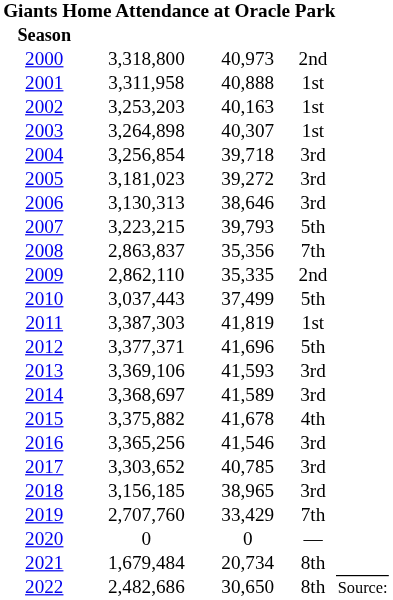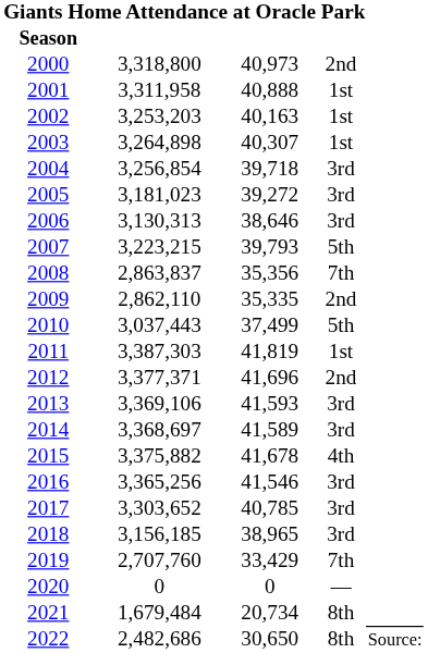 <table class="toccolours" cellpadding="1" cellspacing="0" style="float: right; clear: both; margin: 0 0 1em 1em; text-align:right;">
 <tr>
 <th colspan="4">Giants Home Attendance at Oracle Park</th>
 </tr>
 <tr style="font-size:95%; text-align:center">
 <th>Season</th>
 <th></th>
 <th></th>
 <th></th>
 </tr>
 <tr style="text-align:center">
 <td><a href='#'>2000</a></td>
 <td>3,318,800</td>
 <td>40,973</td>
 <td>2nd</td>
 </tr>
 <tr style="text-align:center">
 <td><a href='#'>2001</a></td>
 <td>3,311,958</td>
 <td>40,888</td>
 <td>1st</td>
 </tr>
 <tr style="text-align:center">
 <td><a href='#'>2002</a></td>
 <td>3,253,203</td>
 <td>40,163</td>
 <td>1st</td>
 </tr>
 <tr style="text-align:center">
 <td><a href='#'>2003</a></td>
 <td>3,264,898</td>
 <td>40,307</td>
 <td>1st</td>
 </tr>
 <tr style="text-align:center">
 <td><a href='#'>2004</a></td>
 <td>3,256,854</td>
 <td>39,718</td>
 <td>3rd</td>
 </tr>
 <tr style="text-align:center">
 <td><a href='#'>2005</a></td>
 <td>3,181,023</td>
 <td>39,272</td>
 <td>3rd</td>
 </tr>
 <tr style="text-align:center">
 <td><a href='#'>2006</a></td>
 <td>3,130,313</td>
 <td>38,646</td>
 <td>3rd</td>
 </tr>
 <tr style="text-align:center">
 <td><a href='#'>2007</a></td>
 <td>3,223,215</td>
 <td>39,793</td>
 <td>5th</td>
 </tr>
 <tr style="text-align:center">
 <td><a href='#'>2008</a></td>
 <td>2,863,837</td>
 <td>35,356</td>
 <td>7th</td>
 </tr>
 <tr style="text-align:center">
 <td><a href='#'>2009</a></td>
 <td>2,862,110</td>
 <td>35,335</td>
 <td>2nd</td>
 </tr>
 <tr style="text-align:center">
 <td><a href='#'>2010</a></td>
 <td>3,037,443</td>
 <td>37,499</td>
 <td>5th</td>
 </tr>
 <tr style="text-align:center">
 <td><a href='#'>2011</a></td>
 <td>3,387,303</td>
 <td>41,819</td>
 <td>1st</td>
 </tr>
 <tr style="text-align:center">
 <td><a href='#'>2012</a></td>
 <td>3,377,371</td>
 <td>41,696</td>
-<td>5th</td>
+<td>2nd</td>
 </tr>
 <tr style="text-align:center">
 <td><a href='#'>2013</a></td>
 <td>3,369,106</td>
 <td>41,593</td>
 <td>3rd</td>
 </tr>
 <tr style="text-align:center">
 <td><a href='#'>2014</a></td>
 <td>3,368,697</td>
 <td>41,589</td>
 <td>3rd</td>
 </tr>
 <tr style="text-align:center">
 <td><a href='#'>2015</a></td>
 <td>3,375,882</td>
 <td>41,678</td>
 <td>4th</td>
 </tr>
 <tr style="text-align:center">
 <td><a href='#'>2016</a></td>
 <td>3,365,256</td>
 <td>41,546</td>
 <td>3rd</td>
 </tr>
 <tr style="text-align:center">
 <td><a href='#'>2017</a></td>
 <td>3,303,652</td>
 <td>40,785</td>
 <td>3rd</td>
 </tr>
 <tr style="text-align:center">
 <td><a href='#'>2018</a></td>
 <td>3,156,185</td>
 <td>38,965</td>
 <td>3rd</td>
 </tr>
 <tr style="text-align:center">
 <td><a href='#'>2019</a></td>
 <td>2,707,760</td>
 <td>33,429</td>
 <td>7th</td>
 </tr>
 <tr style="text-align:center">
 <td><a href='#'>2020</a></td>
 <td>0</td>
 <td>0</td>
 <td>—</td>
 </tr>
 <tr>
 </tr>
 <tr style="text-align:center">
 <td><a href='#'>2021</a></td>
 <td>1,679,484</td>
 <td>20,734</td>
 <td>8th</td>
 </tr>
 <tr style="text-align:center">
 <td><a href='#'>2022</a></td>
 <td>2,482,686</td>
 <td>30,650</td>
 <td>8th</td>
 <td colspan=4 style="border-top:1px solid black; font-size:85%; text-align:left">Source:</td>
 </tr>
 </table>
